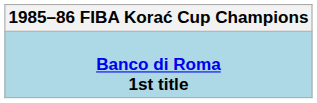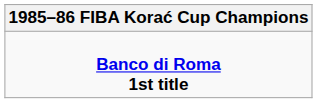 <table class=wikitable style="text-align:center; margin:auto">
 <tr>
 <th>1985–86 FIBA Korać Cup Champions</th>
 </tr>
 <tr>
-<td style="background: lightblue;"><br> <strong><a href='#'>Banco di Roma</a></strong> <br> <strong>1st title</strong></td>
+<td><br> <strong><a href='#'>Banco di Roma</a></strong> <br> <strong>1st title</strong></td>
 </tr>
 </table>
